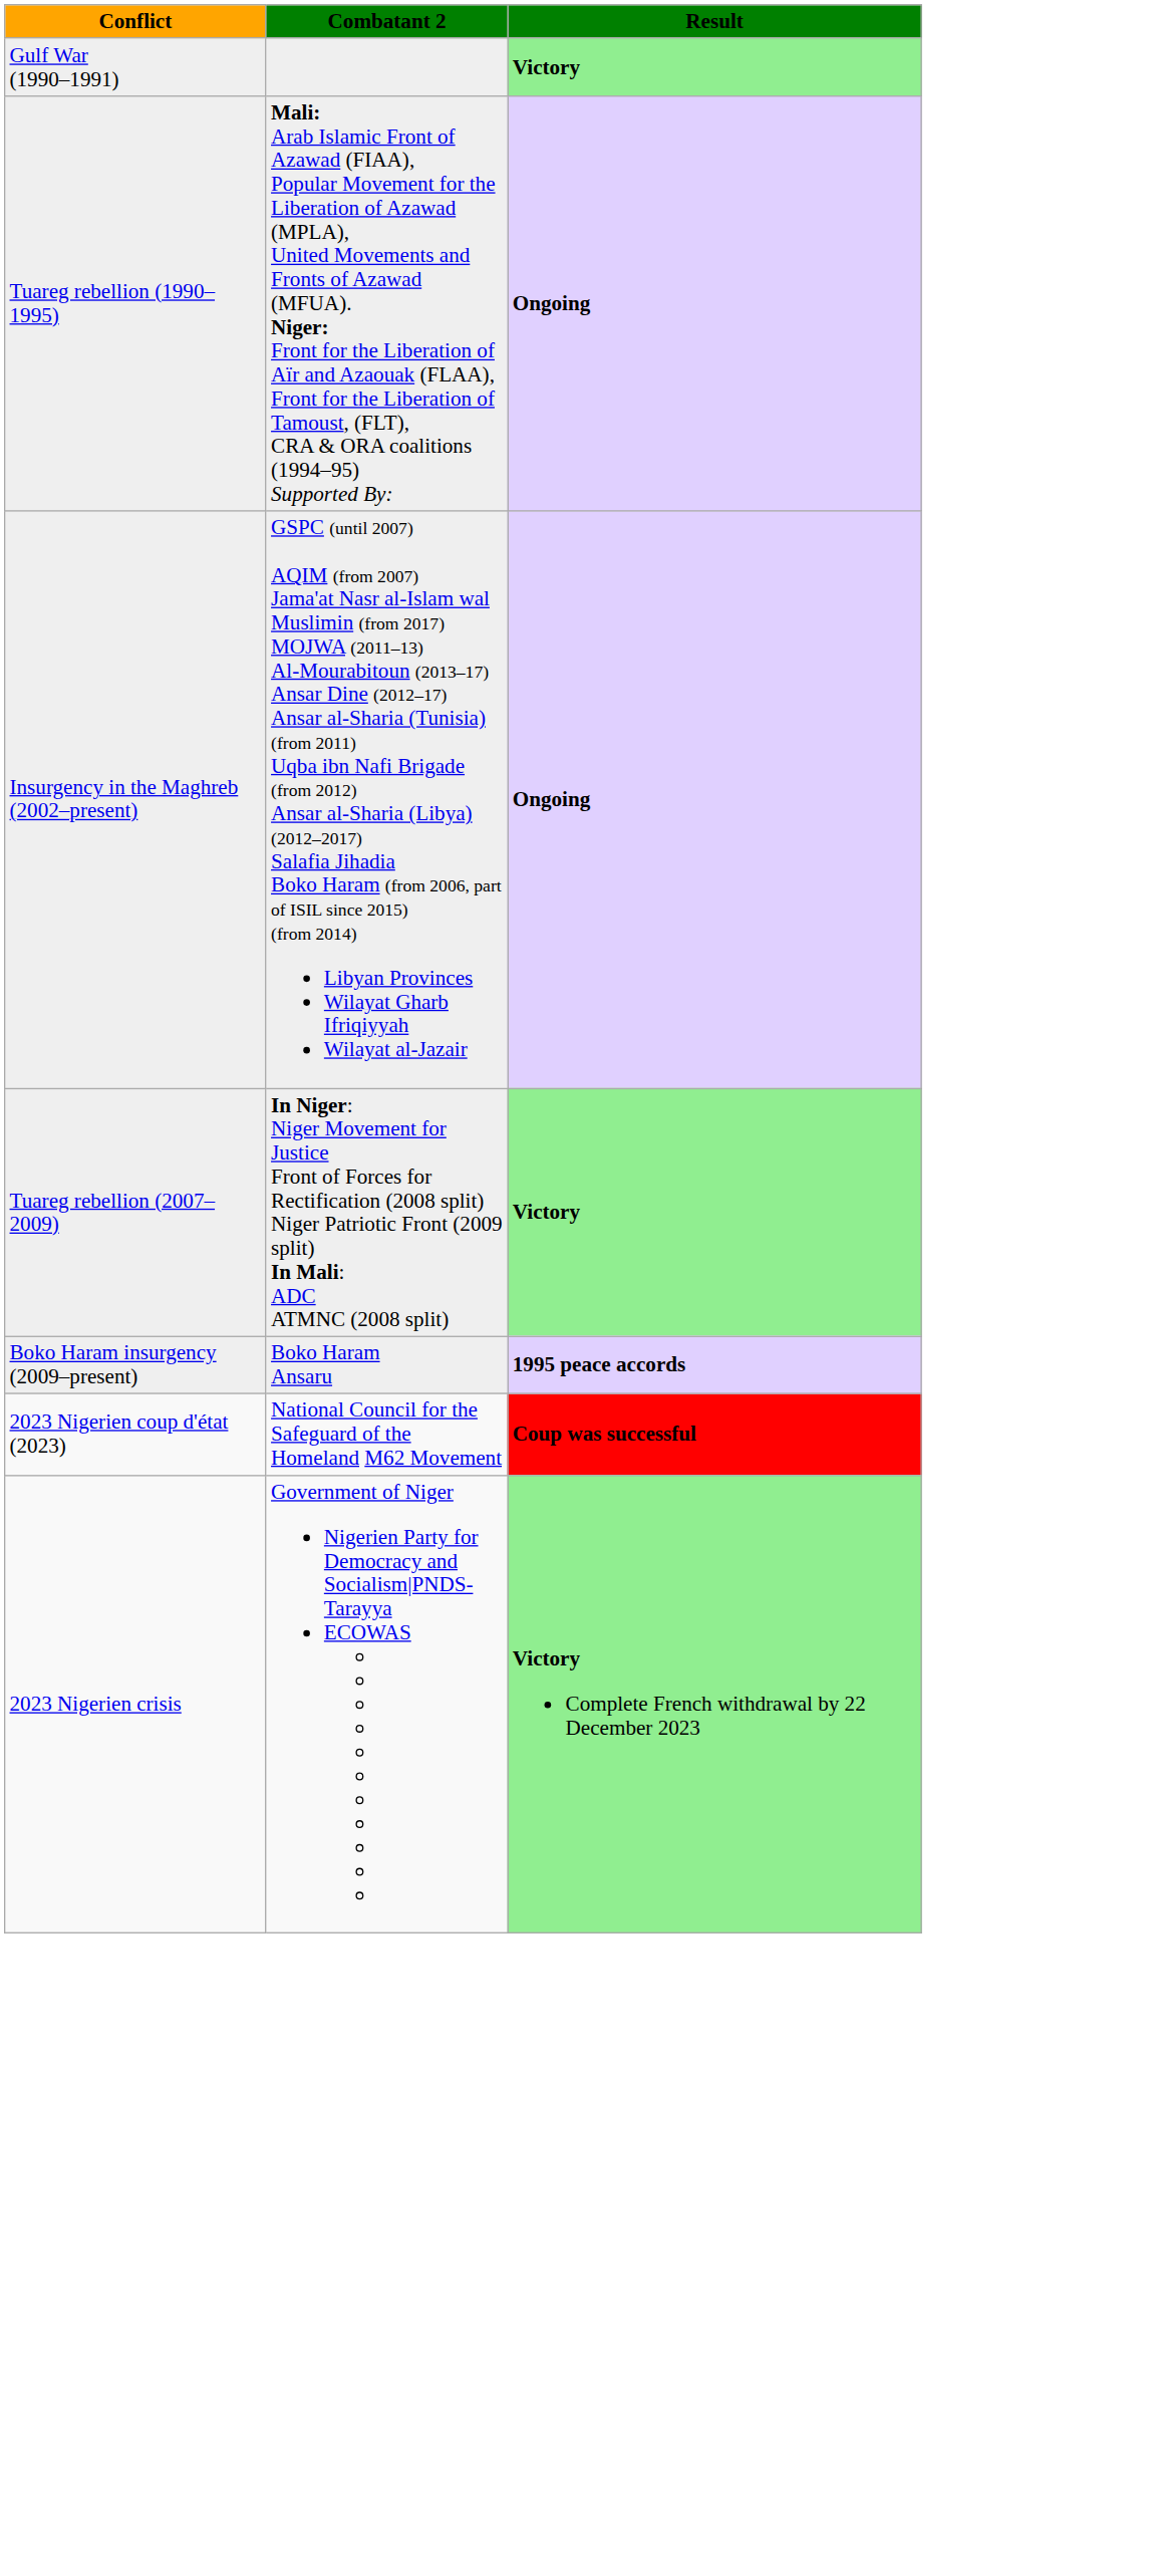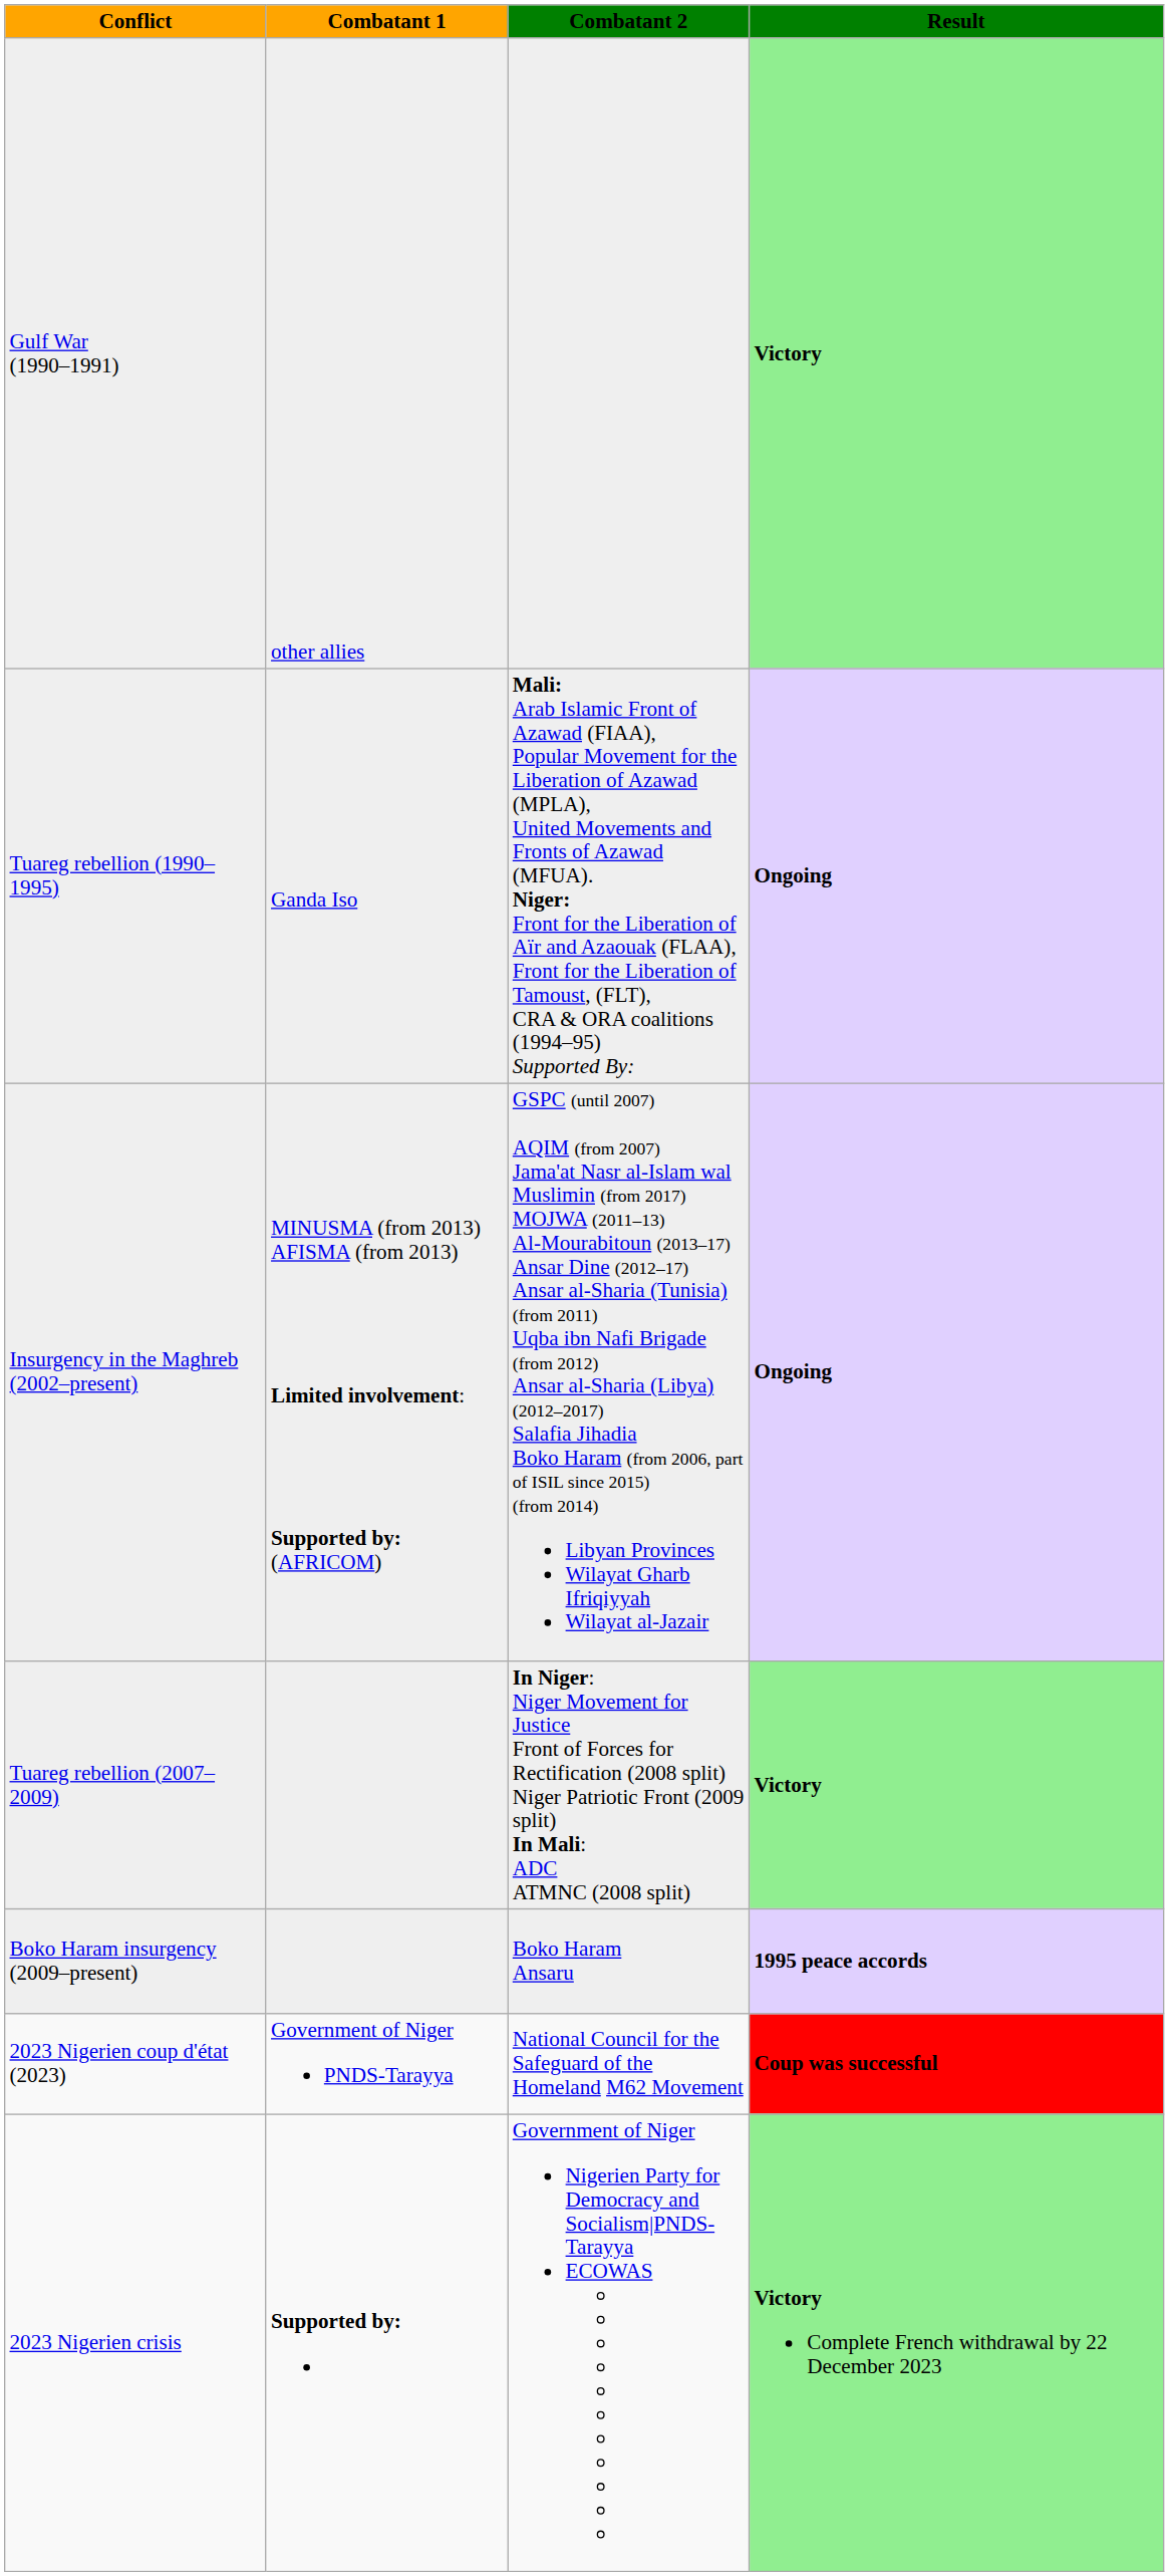 <table class="wikitable">
 <tr>
 <th style="background:orange" width="190"><span>Conflict</span></th>
+<th style="background:orange" width="175"><span>Combatant 1</span></th>
 <th style="background:green" width="175"><span>Combatant 2</span></th>
 <th style="background:green" width="305"><span>Result</span></th>
 </tr>
 <tr>
 <td style="background:#efefef"><a href='#'>Gulf War</a><br>(1990–1991)</td>
+<td style="background:#efefef"><br><br><br><br><br><br> <br> <br> <br> <br> <br>  <br>  <br>  <br> <br> <br> <br> <br> <br> <br> <br> <br> <br>  <br> <br> <a href='#'>other allies</a></td>
 <td style="background:#efefef"></td>
 <td style="background:lightgreen"><strong>Victory</strong></td>
 </tr>
 <tr>
 <td style="background:#efefef"><a href='#'>Tuareg rebellion (1990–1995)</a></td>
+<td style="background:#efefef"><br><br><a href='#'>Ganda Iso</a></td>
 <td style="background:#efefef"><strong>Mali:</strong><br><a href='#'>Arab Islamic Front of Azawad</a> (FIAA), <br><a href='#'>Popular Movement for the Liberation of Azawad</a> (MPLA),<br><a href='#'>United Movements and Fronts of Azawad</a> (MFUA).<br><strong>Niger:</strong><br><a href='#'>Front for the Liberation of Aïr and Azaouak</a> (FLAA),<br><a href='#'>Front for the Liberation of Tamoust</a>, (FLT), <br>CRA & ORA coalitions (1994–95)<br><em>Supported By:</em><br></td>
 <td style="background:#E0D0FF"><strong>Ongoing</strong></td>
 </tr>
 <tr>
 <td style="background:#efefef"><a href='#'>Insurgency in the Maghreb (2002–present)</a></td>
+<td style="background:#efefef"><br><br><br><br><br> <a href='#'>MINUSMA</a> (from 2013)<br><a href='#'>AFISMA</a> (from 2013)<br><br><br><br><br><br><strong>Limited involvement</strong>:<br><br><br><br><br><br> <strong>Supported by:</strong><br> (<a href='#'>AFRICOM</a>)<br> <br><br><br></td>
 <td style="background:#efefef"> <a href='#'>GSPC</a> <small>(until 2007)</small><br><br> <a href='#'>AQIM</a> <small>(from 2007)</small><br>  <a href='#'>Jama'at Nasr al-Islam wal Muslimin</a> <small>(from 2017)</small><br>  <a href='#'>MOJWA</a> <small>(2011–13)</small><br>  <a href='#'>Al-Mourabitoun</a> <small>(2013–17)</small><br>  <a href='#'>Ansar Dine</a> <small>(2012–17)</small><br>  <a href='#'>Ansar al-Sharia (Tunisia)</a> <small>(from 2011)</small><br>  <a href='#'>Uqba ibn Nafi Brigade</a> <small>(from 2012)</small><br>  <a href='#'>Ansar al-Sharia (Libya)</a> <small>(2012–2017)</small><br>  <a href='#'>Salafia Jihadia</a><br>  <a href='#'>Boko Haram</a> <small>(from 2006, part of ISIL since 2015)</small><br> <small>(from 2014)</small><ul><li> <a href='#'>Libyan Provinces</a></li><li> <a href='#'>Wilayat Gharb Ifriqiyyah</a></li><li> <a href='#'>Wilayat al-Jazair</a></li></ul></td>
 <td style="background:#E0D0FF"><strong>Ongoing</strong></td>
 </tr>
 <tr>
 <td style="background:#efefef"><a href='#'>Tuareg rebellion (2007–2009)</a></td>
+<td style="background:#efefef"><br></td>
 <td style="background:#efefef"><strong>In Niger</strong>:<br><a href='#'>Niger Movement for Justice</a><br>Front of Forces for Rectification (2008 split)<br>Niger Patriotic Front (2009 split)<br><strong>In Mali</strong>:<br><a href='#'>ADC</a><br>ATMNC (2008 split)</td>
 <td style="background:lightgreen"><strong>Victory</strong></td>
 </tr>
 <tr>
 <td style="background:#efefef"><a href='#'>Boko Haram insurgency</a><br>(2009–present)</td>
+<td style="background:#efefef"><br><br><br><br></td>
 <td style="background:#efefef"> <a href='#'>Boko Haram</a><br><a href='#'>Ansaru</a></td>
 <td style="background:#E0D0FF"><strong>1995 peace accords</strong></td>
 </tr>
 <tr>
 <td><a href='#'>2023 Nigerien coup d'état</a><br>(2023)</td>
+<td> <a href='#'>Government of Niger</a><br><ul><li><a href='#'>PNDS-Tarayya</a></li></ul></td>
 <td><a href='#'>National Council for the Safeguard of the Homeland</a>   <a href='#'>M62 Movement</a></td>
 <td style="background:#FF0000"><strong>Coup was successful</strong></td>
 </tr>
 <tr>
 <td><a href='#'>2023 Nigerien crisis</a></td>
+<td><br><strong>Supported by:</strong><ul><li></li></ul></td>
 <td><a href='#'>Government of Niger</a><br><ul><li><a href='#'>Nigerien Party for Democracy and Socialism|PNDS-Tarayya</a></li><li><a href='#'>ECOWAS</a><ul><li></li><li></li><li></li><li></li><li></li><li></li><li></li><li></li><li></li><li></li><li></li></ul></li></ul></td>
 <td style="background:lightgreen"><strong>Victory</strong><br><ul><li>Complete French withdrawal by 22 December 2023</li></ul></td>
 </tr>
 </table>
